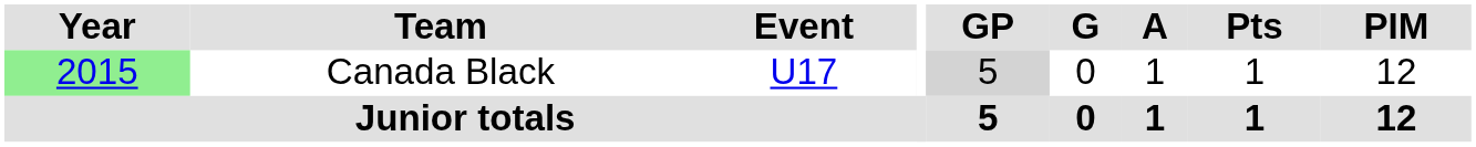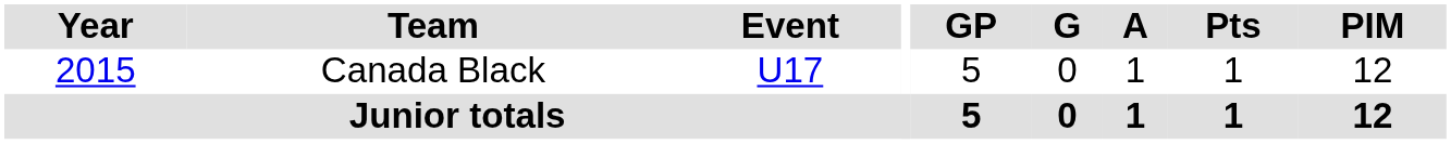 <table border="0" cellpadding="1" cellspacing="0" ID="Table3" style="text-align:center; width:40em">
 <tr bgcolor="#e0e0e0">
 <th>Year</th>
 <th>Team</th>
 <th>Event</th>
 <th rowspan="102" bgcolor="#ffffff"></th>
 <th>GP</th>
 <th>G</th>
 <th>A</th>
 <th>Pts</th>
 <th>PIM</th>
 </tr>
 <tr>
-<td style="background: lightgreen;"><a href='#'>2015</a></td>
+<td><a href='#'>2015</a></td>
 <td>Canada Black</td>
 <td><a href='#'>U17</a></td>
-<td style="background: lightgrey;">5</td>
+<td>5</td>
 <td>0</td>
 <td>1</td>
 <td>1</td>
 <td>12</td>
 </tr>
 <tr bgcolor="#e0e0e0">
 <th colspan="4">Junior totals</th>
 <th>5</th>
 <th>0</th>
 <th>1</th>
 <th>1</th>
 <th>12</th>
 </tr>
 </table>
